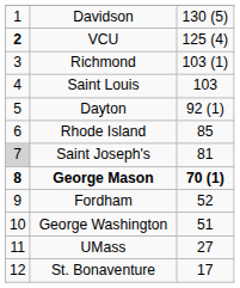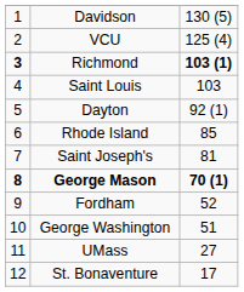 <table class="wikitable" style="width: 20%;text-align: center;">
 <tr align="center">
 </tr>
 <tr align="center">
 <td>1</td>
 <td>Davidson</td>
 <td>130 (5)</td>
 </tr>
 <tr>
-<td><strong>2</strong></td>
+<td>2</td>
 <td>VCU</td>
 <td>125 (4)</td>
 </tr>
 <tr>
-<td>3</td>
+<td><strong>3</strong></td>
 <td>Richmond</td>
-<td>103 (1)</td>
+<td><strong>103 (1)</strong></td>
 </tr>
 <tr>
 <td>4</td>
 <td>Saint Louis</td>
 <td>103</td>
 </tr>
 <tr>
 <td>5</td>
 <td>Dayton</td>
 <td>92 (1)</td>
 </tr>
 <tr>
 <td>6</td>
 <td>Rhode Island</td>
 <td>85</td>
 </tr>
 <tr>
-<td style="background: lightgrey;">7</td>
+<td>7</td>
 <td>Saint Joseph's</td>
 <td>81</td>
 </tr>
 <tr>
 <td><strong>8</strong></td>
 <td><strong>George Mason</strong></td>
 <td><strong>70 (1)</strong></td>
 </tr>
 <tr>
 <td>9</td>
 <td>Fordham</td>
 <td>52</td>
 </tr>
 <tr>
 <td>10</td>
 <td>George Washington</td>
 <td>51</td>
 </tr>
 <tr>
 <td>11</td>
 <td>UMass</td>
 <td>27</td>
 </tr>
 <tr>
 <td>12</td>
 <td>St. Bonaventure</td>
 <td>17</td>
 </tr>
 </table>
